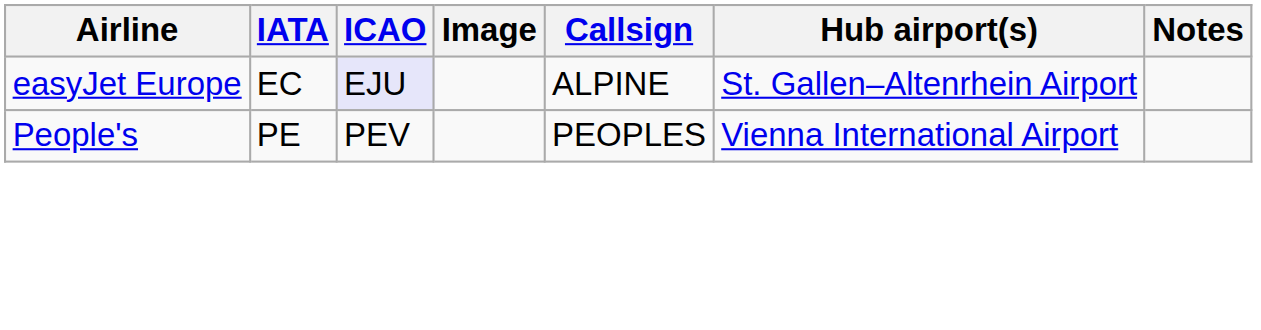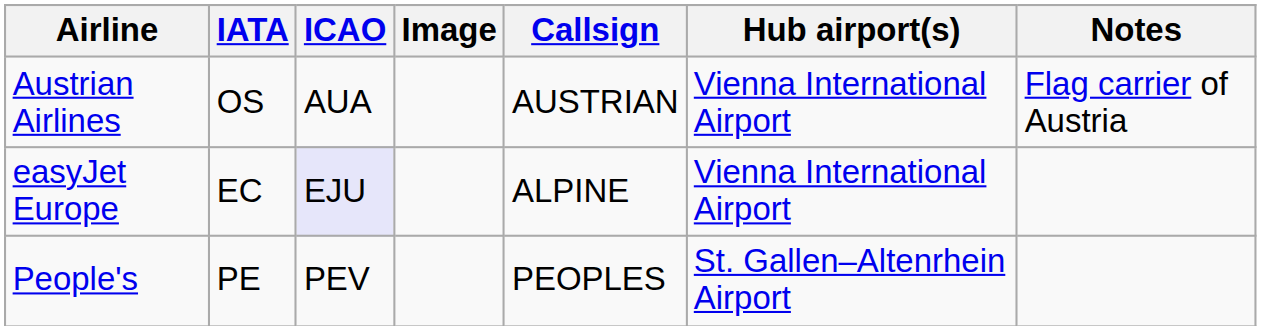 <table class="wikitable sortable" style="border: 0; cellpadding: 2; cellspacing: 3;">
 <tr valign="middle">
 <th>Airline</th>
 <th><a href='#'>IATA</a></th>
 <th><a href='#'>ICAO</a></th>
 <th>Image</th>
 <th><a href='#'>Callsign</a></th>
 <th>Hub airport(s)</th>
 <th class="unsortable">Notes</th>
 </tr>
 <tr>
+<td><a href='#'>Austrian Airlines</a></td>
+<td>OS</td>
+<td>AUA</td>
+<td></td>
+<td>AUSTRIAN</td>
+<td><a href='#'>Vienna International Airport</a></td>
+<td><a href='#'>Flag carrier</a> of Austria</td>
+</tr>
+<tr>
 <td><a href='#'>easyJet Europe</a></td>
 <td>EC</td>
 <td style="background: lavender;">EJU</td>
 <td></td>
 <td>ALPINE</td>
-<td><a href='#'>St. Gallen–Altenrhein Airport</a></td>
+<td><a href='#'>Vienna International Airport</a></td>
 <td></td>
 </tr>
 <tr>
 <td><a href='#'>People's</a></td>
 <td>PE</td>
 <td>PEV</td>
 <td></td>
 <td>PEOPLES</td>
-<td><a href='#'>Vienna International Airport</a></td>
+<td><a href='#'>St. Gallen–Altenrhein Airport</a></td>
 <td></td>
 </tr>
 <tr>
 </tr>
 </table>
